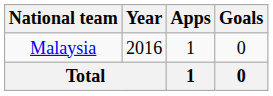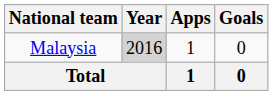 <table class=wikitable style="text-align: center;">
 <tr>
 <th>National team</th>
 <th>Year</th>
 <th>Apps</th>
 <th>Goals</th>
 </tr>
 <tr>
 <td rowspan=1><a href='#'>Malaysia</a></td>
-<td>2016</td>
+<td style="background: lightgrey;">2016</td>
 <td>1</td>
 <td>0</td>
 </tr>
 <tr>
 <th colspan=2>Total</th>
 <th>1</th>
 <th>0</th>
 </tr>
 </table>
